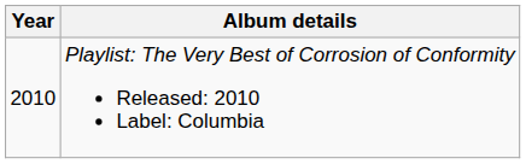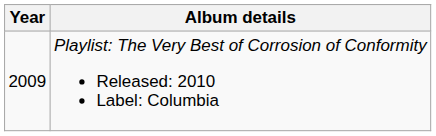 <table class="wikitable">
 <tr>
 <th>Year</th>
 <th>Album details</th>
 </tr>
 <tr>
-<td>2010</td>
+<td>2009</td>
 <td><em>Playlist: The Very Best of Corrosion of Conformity</em><br><ul><li>Released: 2010</li><li>Label: Columbia</li></ul></td>
 </tr>
 </table>
